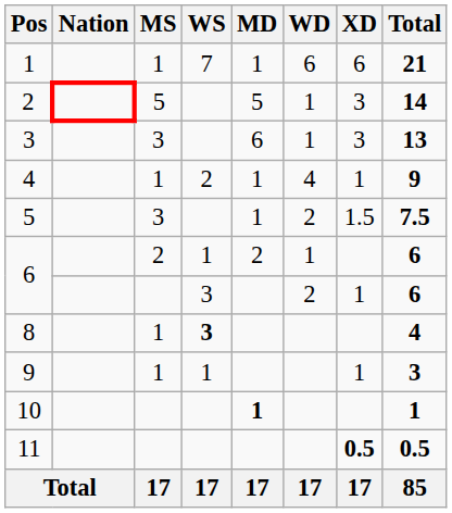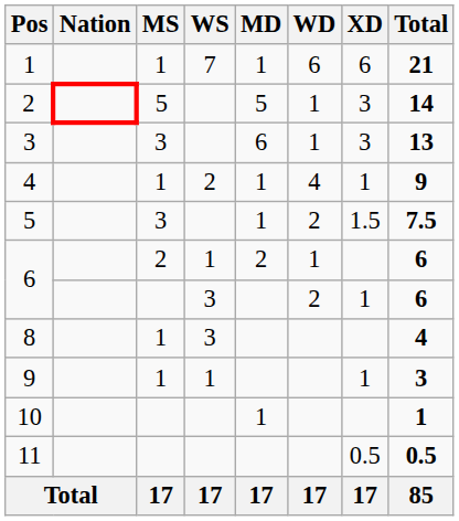 <table class="wikitable" style="text-align:center">
 <tr>
 <th>Pos</th>
 <th>Nation</th>
 <th>MS</th>
 <th>WS</th>
 <th>MD</th>
 <th>WD</th>
 <th>XD</th>
 <th>Total</th>
 </tr>
 <tr>
 <td>1</td>
 <td align=left></td>
 <td>1</td>
 <td>7</td>
 <td>1</td>
 <td>6</td>
 <td>6</td>
 <td><strong>21</strong></td>
 </tr>
 <tr>
 <td>2</td>
 <td align="left" style="border: 3px solid red"><strong></strong></td>
 <td>5</td>
 <td></td>
 <td>5</td>
 <td>1</td>
 <td>3</td>
 <td><strong>14</strong></td>
 </tr>
 <tr>
 <td>3</td>
 <td align="left"></td>
 <td>3</td>
 <td></td>
 <td>6</td>
 <td>1</td>
 <td>3</td>
 <td><strong>13</strong></td>
 </tr>
 <tr>
 <td>4</td>
 <td align=left></td>
 <td>1</td>
 <td>2</td>
 <td>1</td>
 <td>4</td>
 <td>1</td>
 <td><strong>9</strong></td>
 </tr>
 <tr>
 <td>5</td>
 <td align="left"></td>
 <td>3</td>
 <td></td>
 <td>1</td>
 <td>2</td>
 <td>1.5</td>
 <td><strong>7.5</strong></td>
 </tr>
 <tr>
 <td rowspan="2">6</td>
 <td align="left"></td>
 <td>2</td>
 <td>1</td>
 <td>2</td>
 <td>1</td>
 <td></td>
 <td><strong>6</strong></td>
 </tr>
 <tr>
 <td align=left></td>
 <td></td>
 <td>3</td>
 <td></td>
 <td>2</td>
 <td>1</td>
 <td><strong>6</strong></td>
 </tr>
 <tr>
 <td>8</td>
 <td align="left"></td>
 <td>1</td>
-<td><strong>3</strong></td>
+<td>3</td>
 <td></td>
 <td></td>
 <td></td>
 <td><strong>4</strong></td>
 </tr>
 <tr>
 <td>9</td>
 <td align=left></td>
 <td>1</td>
 <td>1</td>
 <td></td>
 <td></td>
 <td>1</td>
 <td><strong>3</strong></td>
 </tr>
 <tr>
 <td>10</td>
 <td align=left></td>
 <td></td>
 <td></td>
-<td><strong>1</strong></td>
+<td>1</td>
 <td></td>
 <td></td>
 <td><strong>1</strong></td>
 </tr>
 <tr>
 <td>11</td>
 <td align=left></td>
 <td></td>
 <td></td>
 <td></td>
 <td></td>
-<td><strong>0.5</strong></td>
+<td>0.5</td>
 <td><strong>0.5</strong></td>
 </tr>
 <tr>
 <th colspan=2>Total</th>
 <th>17</th>
 <th>17</th>
 <th>17</th>
 <th>17</th>
 <th>17</th>
 <th>85</th>
 </tr>
 </table>
